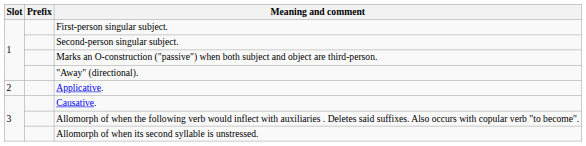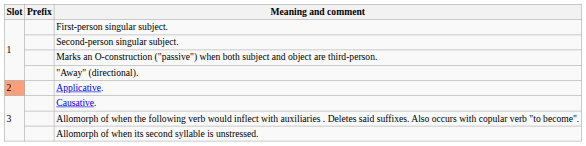 <table class="wikitable">
 <tr>
 <th>Slot</th>
 <th>Prefix</th>
 <th>Meaning and comment</th>
 </tr>
 <tr>
 <td rowspan="4">1</td>
 <td></td>
 <td>First-person singular subject.</td>
 </tr>
 <tr>
 <td></td>
 <td>Second-person singular subject.</td>
 </tr>
 <tr>
 <td></td>
 <td>Marks an O-construction ("passive") when both subject and object are third-person.</td>
 </tr>
 <tr>
 <td></td>
 <td>"Away" (directional).</td>
 </tr>
 <tr>
-<td>2</td>
+<td style="background: lightsalmon;">2</td>
 <td></td>
 <td><a href='#'>Applicative</a>.</td>
 </tr>
 <tr>
 <td rowspan="3">3</td>
 <td></td>
 <td><a href='#'>Causative</a>.</td>
 </tr>
 <tr>
 <td></td>
 <td>Allomorph of  when the following verb would inflect with auxiliaries . Deletes said suffixes. Also occurs with copular verb  "to become".</td>
 </tr>
 <tr>
 <td></td>
 <td>Allomorph of  when its second syllable  is unstressed.</td>
 </tr>
 </table>
